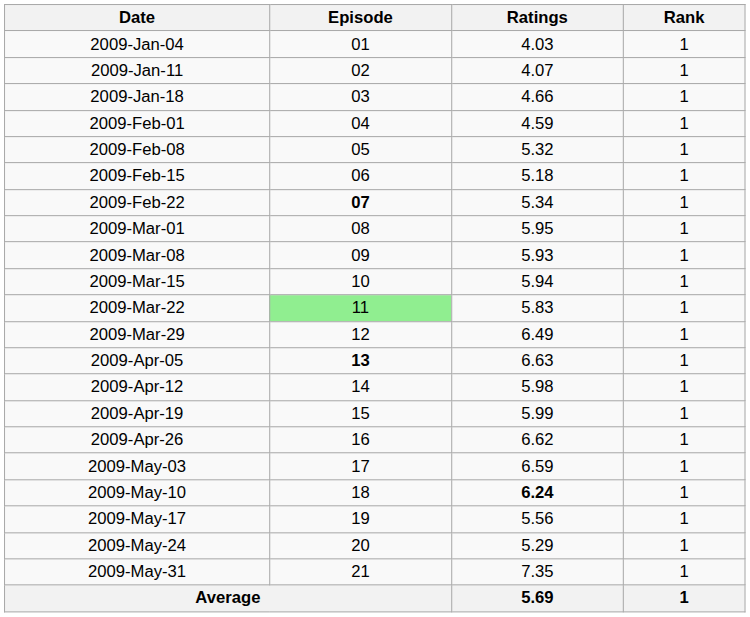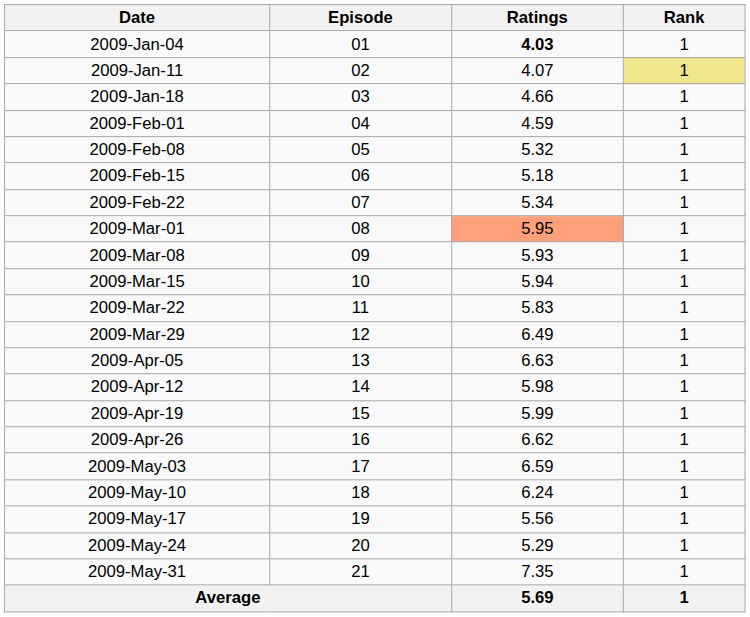 <table class="wikitable" width="45%">
 <tr>
 <th>Date</th>
 <th>Episode</th>
 <th>Ratings</th>
 <th>Rank</th>
 </tr>
 <tr align=center>
 <td>2009-Jan-04</td>
 <td>01</td>
-<td><span>4.03</span></td>
+<td><strong><span>4.03</span></strong></td>
 <td>1</td>
 </tr>
 <tr align=center>
 <td>2009-Jan-11</td>
 <td>02</td>
 <td>4.07</td>
-<td>1</td>
+<td style="background: khaki;">1</td>
 </tr>
 <tr align=center>
 <td>2009-Jan-18</td>
 <td>03</td>
 <td>4.66</td>
 <td>1</td>
 </tr>
 <tr align=center>
 <td>2009-Feb-01</td>
 <td>04</td>
 <td>4.59</td>
 <td>1</td>
 </tr>
 <tr align=center>
 <td>2009-Feb-08</td>
 <td>05</td>
 <td>5.32</td>
 <td>1</td>
 </tr>
 <tr align=center>
 <td>2009-Feb-15</td>
 <td>06</td>
 <td>5.18</td>
 <td>1</td>
 </tr>
 <tr align=center>
 <td>2009-Feb-22</td>
-<td><strong>07</strong></td>
+<td>07</td>
 <td>5.34</td>
 <td>1</td>
 </tr>
 <tr align=center>
 <td>2009-Mar-01</td>
 <td>08</td>
-<td>5.95</td>
+<td style="background: lightsalmon;">5.95</td>
 <td>1</td>
 </tr>
 <tr align=center>
 <td>2009-Mar-08</td>
 <td>09</td>
 <td>5.93</td>
 <td>1</td>
 </tr>
 <tr align=center>
 <td>2009-Mar-15</td>
 <td>10</td>
 <td>5.94</td>
 <td>1</td>
 </tr>
 <tr align=center>
 <td>2009-Mar-22</td>
-<td style="background: lightgreen;">11</td>
+<td>11</td>
 <td>5.83</td>
 <td>1</td>
 </tr>
 <tr align=center>
 <td>2009-Mar-29</td>
 <td>12</td>
 <td>6.49</td>
 <td>1</td>
 </tr>
 <tr align=center>
 <td>2009-Apr-05</td>
-<td><strong>13</strong></td>
+<td>13</td>
 <td>6.63</td>
 <td>1</td>
 </tr>
 <tr align=center>
 <td>2009-Apr-12</td>
 <td>14</td>
 <td>5.98</td>
 <td>1</td>
 </tr>
 <tr align=center>
 <td>2009-Apr-19</td>
 <td>15</td>
 <td>5.99</td>
 <td>1</td>
 </tr>
 <tr align=center>
 <td>2009-Apr-26</td>
 <td>16</td>
 <td>6.62</td>
 <td>1</td>
 </tr>
 <tr align=center>
 <td>2009-May-03</td>
 <td>17</td>
 <td>6.59</td>
 <td>1</td>
 </tr>
 <tr align=center>
 <td>2009-May-10</td>
 <td>18</td>
-<td><strong>6.24</strong></td>
+<td>6.24</td>
 <td>1</td>
 </tr>
 <tr align=center>
 <td>2009-May-17</td>
 <td>19</td>
 <td>5.56</td>
 <td>1</td>
 </tr>
 <tr align=center>
 <td>2009-May-24</td>
 <td>20</td>
 <td>5.29</td>
 <td>1</td>
 </tr>
 <tr align=center>
 <td>2009-May-31</td>
 <td>21</td>
 <td><span>7.35</span></td>
 <td>1</td>
 </tr>
 <tr align=center>
 <th colspan=2>Average</th>
 <th>5.69</th>
 <th>1</th>
 </tr>
 </table>
